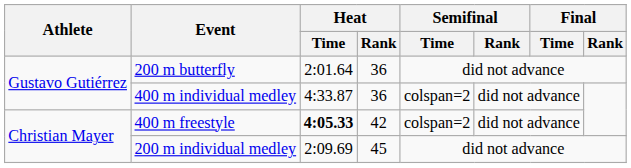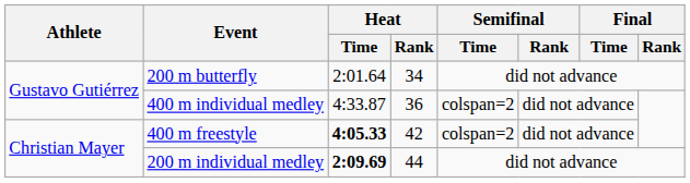 <table class="wikitable" style="text-align:center; font-size:90%">
 <tr>
 <th rowspan="2">Athlete</th>
 <th rowspan="2">Event</th>
 <th colspan="2">Heat</th>
 <th colspan="2">Semifinal</th>
 <th colspan="2">Final</th>
 </tr>
 <tr style="font-size:95%">
 <th>Time</th>
 <th>Rank</th>
 <th>Time</th>
 <th>Rank</th>
 <th>Time</th>
 <th>Rank</th>
 </tr>
 <tr>
 <td align=left rowspan=2><a href='#'>Gustavo Gutiérrez</a></td>
 <td align=left><a href='#'>200 m butterfly</a></td>
 <td>2:01.64</td>
-<td>36</td>
+<td>34</td>
 <td colspan=4>did not advance</td>
 </tr>
 <tr>
 <td align=left><a href='#'>400 m individual medley</a></td>
 <td>4:33.87</td>
 <td>36</td>
 <td>colspan=2</td>
 <td colspan=2>did not advance</td>
 </tr>
 <tr>
 <td align=left rowspan=2><a href='#'>Christian Mayer</a></td>
 <td align=left><a href='#'>400 m freestyle</a></td>
 <td><strong>4:05.33</strong></td>
 <td>42</td>
 <td>colspan=2</td>
 <td colspan=2>did not advance</td>
 </tr>
 <tr>
 <td align=left><a href='#'>200 m individual medley</a></td>
-<td>2:09.69</td>
-<td>45</td>
+<td><strong>2:09.69</strong></td>
+<td>44</td>
 <td colspan=4>did not advance</td>
 </tr>
 </table>
